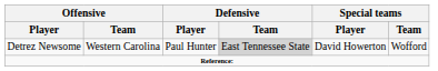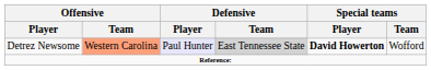 <table class="wikitable" border="1">
 <tr>
 <th colspan="2">Offensive</th>
 <th colspan="2">Defensive</th>
 <th colspan="2">Special teams</th>
 </tr>
 <tr>
 <th>Player</th>
 <th>Team</th>
 <th>Player</th>
 <th>Team</th>
 <th>Player</th>
 <th>Team</th>
 </tr>
 <tr>
 <td>Detrez Newsome</td>
-<td>Western Carolina</td>
-<td>Paul Hunter</td>
+<td style="background: lightsalmon;">Western Carolina</td>
+<td style="background: lavender;">Paul Hunter</td>
 <td style="background: lightgrey;">East Tennessee State</td>
-<td>David Howerton</td>
+<td><strong>David Howerton</strong></td>
 <td>Wofford</td>
 </tr>
 <tr>
 <td colspan="8" style="font-size: 8pt" align="center"><strong>Reference: </strong></td>
 </tr>
 </table>
